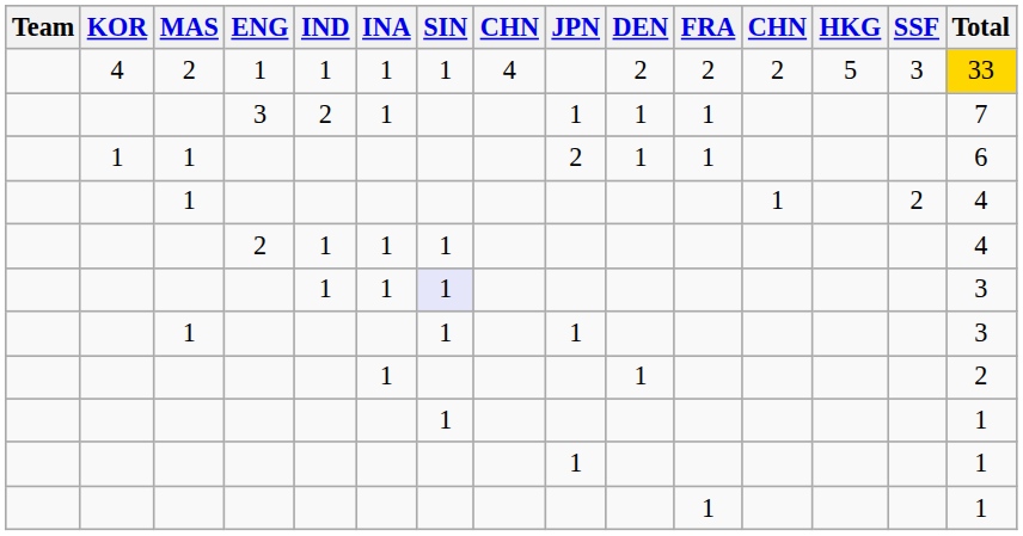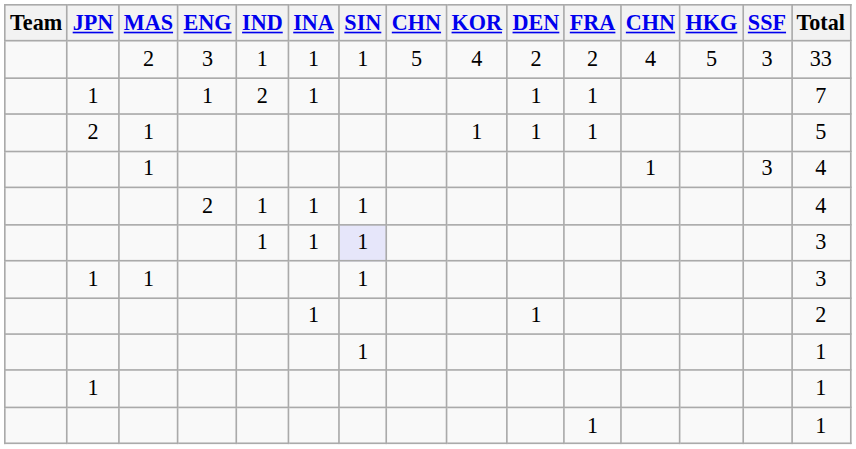 <table class=wikitable style="font-size:85%; text-align:center">
 <tr>
 <th>Team</th>
-<th><a href='#'>KOR</a></th>
+<th><a href='#'>JPN</a></th>
 <th><a href='#'>MAS</a></th>
 <th><a href='#'>ENG</a></th>
 <th><a href='#'>IND</a></th>
 <th><a href='#'>INA</a></th>
 <th><a href='#'>SIN</a></th>
 <th><a href='#'>CHN</a></th>
-<th><a href='#'>JPN</a></th>
+<th><a href='#'>KOR</a></th>
 <th><a href='#'>DEN</a></th>
 <th><a href='#'>FRA</a></th>
 <th><a href='#'>CHN</a></th>
 <th><a href='#'>HKG</a></th>
 <th><a href='#'>SSF</a></th>
 <th>Total</th>
 </tr>
 <tr>
 <td align=left></td>
-<td>4</td>
+<td></td>
 <td>2</td>
+<td>3</td>
 <td>1</td>
 <td>1</td>
 <td>1</td>
-<td>1</td>
+<td>5</td>
 <td>4</td>
-<td></td>
 <td>2</td>
 <td>2</td>
-<td>2</td>
+<td>4</td>
 <td>5</td>
 <td>3</td>
-<td style="background: gold;">33</td>
+<td>33</td>
 </tr>
 <tr>
 <td align=left></td>
+<td>1</td>
 <td></td>
-<td></td>
-<td>3</td>
+<td>1</td>
 <td>2</td>
 <td>1</td>
 <td></td>
 <td></td>
-<td>1</td>
+<td></td>
 <td>1</td>
 <td>1</td>
 <td></td>
 <td></td>
 <td></td>
 <td>7</td>
 </tr>
 <tr>
 <td align=left></td>
-<td>1</td>
+<td>2</td>
 <td>1</td>
 <td></td>
 <td></td>
 <td></td>
 <td></td>
 <td></td>
-<td>2</td>
+<td>1</td>
 <td>1</td>
 <td>1</td>
 <td></td>
 <td></td>
 <td></td>
-<td>6</td>
+<td>5</td>
 </tr>
 <tr>
 <td align=left></td>
 <td></td>
 <td>1</td>
 <td></td>
 <td></td>
 <td></td>
 <td></td>
 <td></td>
 <td></td>
 <td></td>
 <td></td>
 <td>1</td>
 <td></td>
-<td>2</td>
+<td>3</td>
 <td>4</td>
 </tr>
 <tr>
 <td align=left></td>
 <td></td>
 <td></td>
 <td>2</td>
 <td>1</td>
 <td>1</td>
 <td>1</td>
 <td></td>
 <td></td>
 <td></td>
 <td></td>
 <td></td>
 <td></td>
 <td></td>
 <td>4</td>
 </tr>
 <tr>
 <td align=left></td>
 <td></td>
 <td></td>
 <td></td>
 <td>1</td>
 <td>1</td>
 <td style="background: lavender;">1</td>
 <td></td>
 <td></td>
 <td></td>
 <td></td>
 <td></td>
 <td></td>
 <td></td>
 <td>3</td>
 </tr>
 <tr>
 <td align=left></td>
-<td></td>
+<td>1</td>
 <td>1</td>
 <td></td>
 <td></td>
 <td></td>
 <td>1</td>
 <td></td>
-<td>1</td>
+<td></td>
 <td></td>
 <td></td>
 <td></td>
 <td></td>
 <td></td>
 <td>3</td>
 </tr>
 <tr>
 <td align=left></td>
 <td></td>
 <td></td>
 <td></td>
 <td></td>
 <td>1</td>
 <td></td>
 <td></td>
 <td></td>
 <td>1</td>
 <td></td>
 <td></td>
 <td></td>
 <td></td>
 <td>2</td>
 </tr>
 <tr>
 <td align=left></td>
 <td></td>
 <td></td>
 <td></td>
 <td></td>
 <td></td>
 <td>1</td>
 <td></td>
 <td></td>
 <td></td>
 <td></td>
 <td></td>
 <td></td>
 <td></td>
 <td>1</td>
 </tr>
 <tr>
 <td align=left></td>
+<td>1</td>
 <td></td>
 <td></td>
 <td></td>
 <td></td>
 <td></td>
 <td></td>
 <td></td>
-<td>1</td>
 <td></td>
 <td></td>
 <td></td>
 <td></td>
 <td></td>
 <td>1</td>
 </tr>
 <tr>
 <td align=left></td>
 <td></td>
 <td></td>
 <td></td>
 <td></td>
 <td></td>
 <td></td>
 <td></td>
 <td></td>
 <td></td>
 <td>1</td>
 <td></td>
 <td></td>
 <td></td>
 <td>1</td>
 </tr>
 </table>
